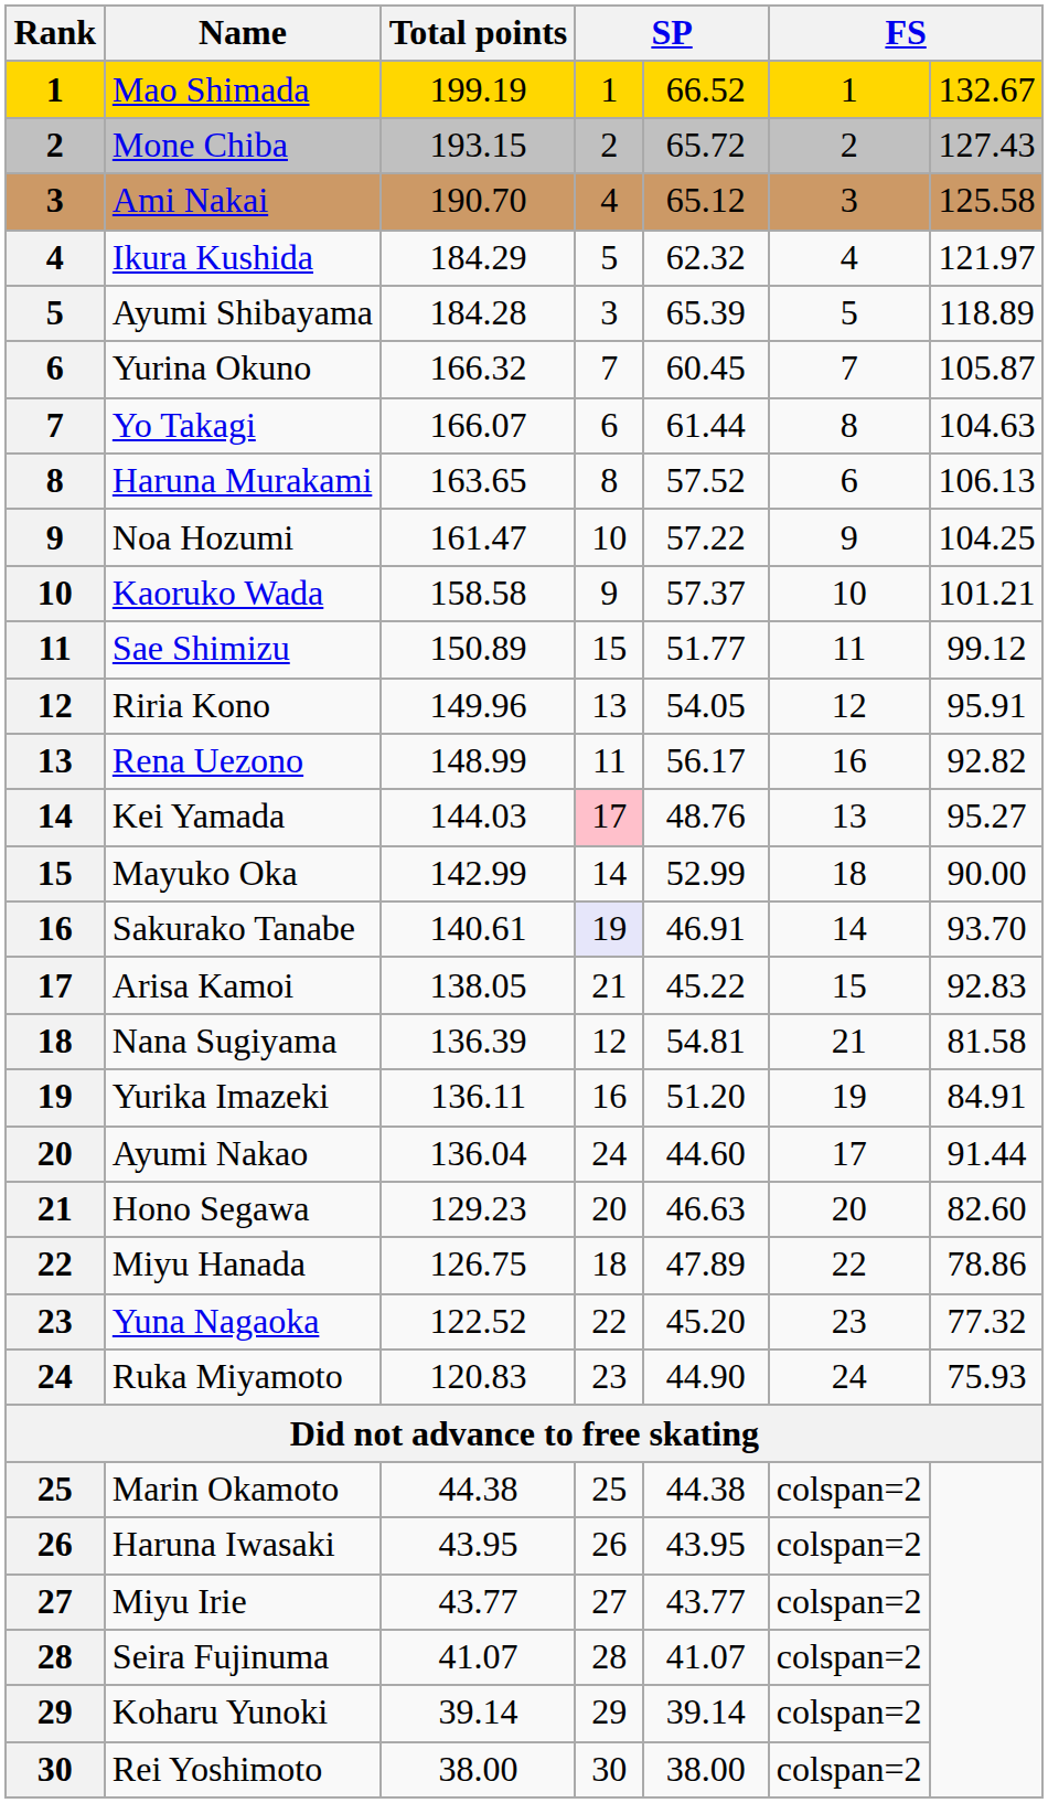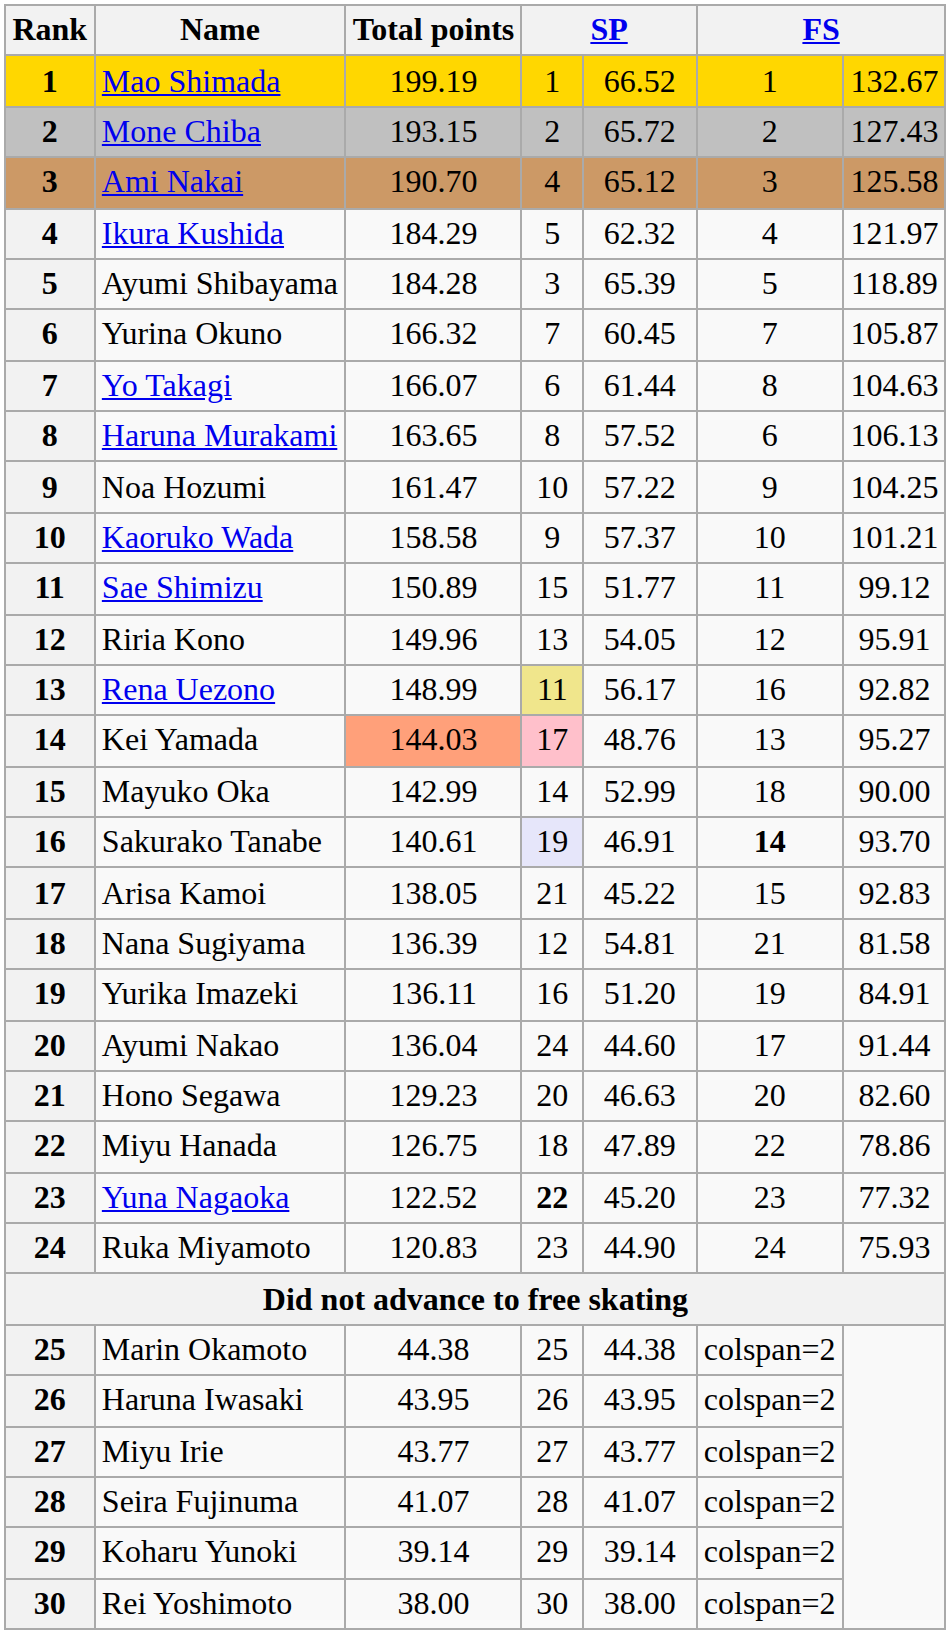 <table class="wikitable sortable">
 <tr>
 <th>Rank</th>
 <th>Name</th>
 <th>Total points</th>
 <th colspan="2" width="80px"><a href='#'>SP</a></th>
 <th colspan="2" width="80px"><a href='#'>FS</a></th>
 </tr>
 <tr bgcolor="gold">
 <td align="center"><strong>1</strong></td>
 <td><a href='#'>Mao Shimada</a></td>
 <td align="center">199.19</td>
 <td align="center">1</td>
 <td align="center">66.52</td>
 <td align="center">1</td>
 <td align="center">132.67</td>
 </tr>
 <tr bgcolor="silver">
 <td align="center"><strong>2</strong></td>
 <td><a href='#'>Mone Chiba</a></td>
 <td align="center">193.15</td>
 <td align="center">2</td>
 <td align="center">65.72</td>
 <td align="center">2</td>
 <td align="center">127.43</td>
 </tr>
 <tr bgcolor="cc9966">
 <td align="center"><strong>3</strong></td>
 <td><a href='#'>Ami Nakai</a></td>
 <td align="center">190.70</td>
 <td align="center">4</td>
 <td align="center">65.12</td>
 <td align="center">3</td>
 <td align="center">125.58</td>
 </tr>
 <tr>
 <th>4</th>
 <td><a href='#'>Ikura Kushida</a></td>
 <td align="center">184.29</td>
 <td align="center">5</td>
 <td align="center">62.32</td>
 <td align="center">4</td>
 <td align="center">121.97</td>
 </tr>
 <tr>
 <th>5</th>
 <td>Ayumi Shibayama</td>
 <td align="center">184.28</td>
 <td align="center">3</td>
 <td align="center">65.39</td>
 <td align="center">5</td>
 <td align="center">118.89</td>
 </tr>
 <tr>
 <th>6</th>
 <td>Yurina Okuno</td>
 <td align="center">166.32</td>
 <td align="center">7</td>
 <td align="center">60.45</td>
 <td align="center">7</td>
 <td align="center">105.87</td>
 </tr>
 <tr>
 <th>7</th>
 <td><a href='#'>Yo Takagi</a></td>
 <td align="center">166.07</td>
 <td align="center">6</td>
 <td align="center">61.44</td>
 <td align="center">8</td>
 <td align="center">104.63</td>
 </tr>
 <tr>
 <th>8</th>
 <td><a href='#'>Haruna Murakami</a></td>
 <td align="center">163.65</td>
 <td align="center">8</td>
 <td align="center">57.52</td>
 <td align="center">6</td>
 <td align="center">106.13</td>
 </tr>
 <tr>
 <th>9</th>
 <td>Noa Hozumi</td>
 <td align="center">161.47</td>
 <td align="center">10</td>
 <td align="center">57.22</td>
 <td align="center">9</td>
 <td align="center">104.25</td>
 </tr>
 <tr>
 <th>10</th>
 <td><a href='#'>Kaoruko Wada</a></td>
 <td align="center">158.58</td>
 <td align="center">9</td>
 <td align="center">57.37</td>
 <td align="center">10</td>
 <td align="center">101.21</td>
 </tr>
 <tr>
 <th>11</th>
 <td><a href='#'>Sae Shimizu</a></td>
 <td align="center">150.89</td>
 <td align="center">15</td>
 <td align="center">51.77</td>
 <td align="center">11</td>
 <td align="center">99.12</td>
 </tr>
 <tr>
 <th>12</th>
 <td>Riria Kono</td>
 <td align="center">149.96</td>
 <td align="center">13</td>
 <td align="center">54.05</td>
 <td align="center">12</td>
 <td align="center">95.91</td>
 </tr>
 <tr>
 <th>13</th>
 <td><a href='#'>Rena Uezono</a></td>
 <td align="center">148.99</td>
-<td align="center">11</td>
+<td align="center" style="background: khaki;">11</td>
 <td align="center">56.17</td>
 <td align="center">16</td>
 <td align="center">92.82</td>
 </tr>
 <tr>
 <th>14</th>
 <td>Kei Yamada</td>
-<td align="center">144.03</td>
+<td align="center" style="background: lightsalmon;">144.03</td>
 <td align="center" style="background: pink;">17</td>
 <td align="center">48.76</td>
 <td align="center">13</td>
 <td align="center">95.27</td>
 </tr>
 <tr>
 <th>15</th>
 <td>Mayuko Oka</td>
 <td align="center">142.99</td>
 <td align="center">14</td>
 <td align="center">52.99</td>
 <td align="center">18</td>
 <td align="center">90.00</td>
 </tr>
 <tr>
 <th>16</th>
 <td>Sakurako Tanabe</td>
 <td align="center">140.61</td>
 <td align="center" style="background: lavender;">19</td>
 <td align="center">46.91</td>
-<td align="center">14</td>
+<td align="center"><strong>14</strong></td>
 <td align="center">93.70</td>
 </tr>
 <tr>
 <th>17</th>
 <td>Arisa Kamoi</td>
 <td align="center">138.05</td>
 <td align="center">21</td>
 <td align="center">45.22</td>
 <td align="center">15</td>
 <td align="center">92.83</td>
 </tr>
 <tr>
 <th>18</th>
 <td>Nana Sugiyama</td>
 <td align="center">136.39</td>
 <td align="center">12</td>
 <td align="center">54.81</td>
 <td align="center">21</td>
 <td align="center">81.58</td>
 </tr>
 <tr>
 <th>19</th>
 <td>Yurika Imazeki</td>
 <td align="center">136.11</td>
 <td align="center">16</td>
 <td align="center">51.20</td>
 <td align="center">19</td>
 <td align="center">84.91</td>
 </tr>
 <tr>
 <th>20</th>
 <td>Ayumi Nakao</td>
 <td align="center">136.04</td>
 <td align="center">24</td>
 <td align="center">44.60</td>
 <td align="center">17</td>
 <td align="center">91.44</td>
 </tr>
 <tr>
 <th>21</th>
 <td>Hono Segawa</td>
 <td align="center">129.23</td>
 <td align="center">20</td>
 <td align="center">46.63</td>
 <td align="center">20</td>
 <td align="center">82.60</td>
 </tr>
 <tr>
 <th>22</th>
 <td>Miyu Hanada</td>
 <td align="center">126.75</td>
 <td align="center">18</td>
 <td align="center">47.89</td>
 <td align="center">22</td>
 <td align="center">78.86</td>
 </tr>
 <tr>
 <th>23</th>
 <td><a href='#'>Yuna Nagaoka</a></td>
 <td align="center">122.52</td>
-<td align="center">22</td>
+<td align="center"><strong>22</strong></td>
 <td align="center">45.20</td>
 <td align="center">23</td>
 <td align="center">77.32</td>
 </tr>
 <tr>
 <th>24</th>
 <td>Ruka Miyamoto</td>
 <td align="center">120.83</td>
 <td align="center">23</td>
 <td align="center">44.90</td>
 <td align="center">24</td>
 <td align="center">75.93</td>
 </tr>
 <tr>
 <th colspan=8>Did not advance to free skating</th>
 </tr>
 <tr>
 <th>25</th>
 <td>Marin Okamoto</td>
 <td align="center">44.38</td>
 <td align="center">25</td>
 <td align="center">44.38</td>
 <td>colspan=2 </td>
 </tr>
 <tr>
 <th>26</th>
 <td>Haruna Iwasaki</td>
 <td align="center">43.95</td>
 <td align="center">26</td>
 <td align="center">43.95</td>
 <td>colspan=2 </td>
 </tr>
 <tr>
 <th>27</th>
 <td>Miyu Irie</td>
 <td align="center">43.77</td>
 <td align="center">27</td>
 <td align="center">43.77</td>
 <td>colspan=2 </td>
 </tr>
 <tr>
 <th>28</th>
 <td>Seira Fujinuma</td>
 <td align="center">41.07</td>
 <td align="center">28</td>
 <td align="center">41.07</td>
 <td>colspan=2 </td>
 </tr>
 <tr>
 <th>29</th>
 <td>Koharu Yunoki</td>
 <td align="center">39.14</td>
 <td align="center">29</td>
 <td align="center">39.14</td>
 <td>colspan=2 </td>
 </tr>
 <tr>
 <th>30</th>
 <td>Rei Yoshimoto</td>
 <td align="center">38.00</td>
 <td align="center">30</td>
 <td align="center">38.00</td>
 <td>colspan=2 </td>
 </tr>
 </table>
